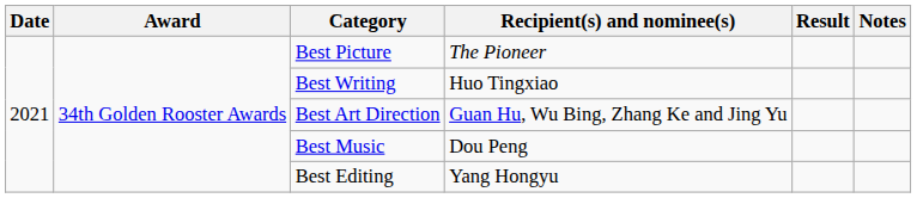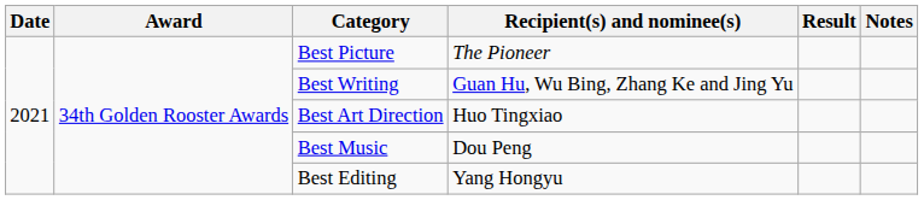 <table class="wikitable">
 <tr>
 <th>Date</th>
 <th>Award</th>
 <th>Category</th>
 <th>Recipient(s) and nominee(s)</th>
 <th>Result</th>
 <th>Notes</th>
 </tr>
 <tr>
 <td rowspan="5">2021</td>
 <td rowspan="5"><a href='#'>34th Golden Rooster Awards</a></td>
 <td><a href='#'>Best Picture</a></td>
 <td><em>The Pioneer</em></td>
 <td></td>
 <td></td>
 </tr>
 <tr>
 <td><a href='#'>Best Writing</a></td>
-<td>Huo Tingxiao</td>
+<td><a href='#'>Guan Hu</a>, Wu Bing, Zhang Ke and Jing Yu</td>
 <td></td>
 <td></td>
 </tr>
 <tr>
 <td><a href='#'>Best Art Direction</a></td>
-<td><a href='#'>Guan Hu</a>, Wu Bing, Zhang Ke and Jing Yu</td>
+<td>Huo Tingxiao</td>
 <td></td>
 <td></td>
 </tr>
 <tr>
 <td><a href='#'>Best Music</a></td>
 <td>Dou Peng</td>
 <td></td>
 <td></td>
 </tr>
 <tr>
 <td>Best Editing</td>
 <td>Yang Hongyu</td>
 <td></td>
 <td></td>
 </tr>
 </table>
